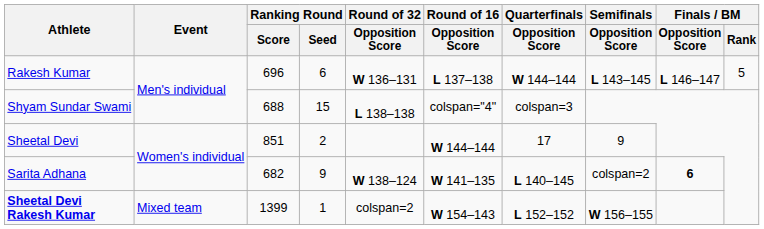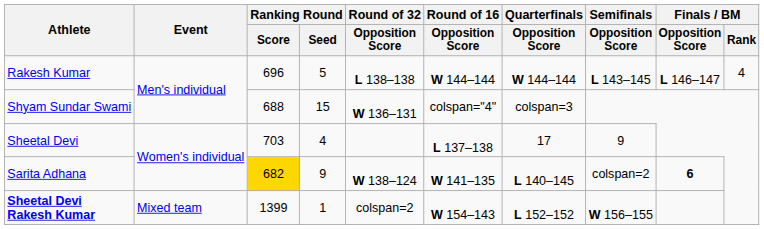 <table class="wikitable" style="text-align: center; font-size:90%">
 <tr>
 <th rowspan="2">Athlete</th>
 <th rowspan="2">Event</th>
 <th colspan="2">Ranking Round</th>
 <th>Round of 32</th>
 <th>Round of 16</th>
 <th>Quarterfinals</th>
 <th>Semifinals</th>
 <th colspan="2">Finals / BM</th>
 </tr>
 <tr style="font-size:95%">
 <th>Score</th>
 <th>Seed</th>
 <th>Opposition<br>Score</th>
 <th>Opposition<br>Score</th>
 <th>Opposition<br>Score</th>
 <th>Opposition<br>Score</th>
 <th>Opposition<br>Score</th>
 <th>Rank</th>
 </tr>
 <tr>
 <td align=left><a href='#'>Rakesh Kumar</a></td>
 <td align=left rowspan=2><a href='#'>Men's individual</a></td>
 <td>696</td>
-<td>6</td>
-<td> <br> <strong>W</strong> 136–131</td>
-<td><br> <strong>L</strong> 137–138</td>
+<td>5</td>
+<td> <br> <strong>L</strong> 138–138 </td>
+<td> <br> <strong>W</strong> 144–144 </td>
 <td> <br> <strong>W</strong> 144–144 </td>
 <td> <br> <strong>L</strong> 143–145</td>
 <td> <br> <strong>L</strong> 146–147</td>
-<td>5</td>
+<td>4</td>
 </tr>
 <tr>
 <td align=left><a href='#'>Shyam Sundar Swami</a></td>
 <td>688</td>
 <td>15</td>
-<td> <br> <strong>L</strong> 138–138 </td>
+<td> <br> <strong>W</strong> 136–131</td>
 <td>colspan="4" </td>
 <td>colspan=3 </td>
 </tr>
 <tr>
 <td align=left><a href='#'>Sheetal Devi</a></td>
 <td align=left rowspan=2><a href='#'>Women's individual</a></td>
-<td>851</td>
-<td>2</td>
+<td>703</td>
+<td>4</td>
 <td></td>
-<td> <br> <strong>W</strong> 144–144 </td>
+<td><br> <strong>L</strong> 137–138</td>
 <td>17</td>
 <td>9</td>
 </tr>
 <tr>
 <td align=left><a href='#'>Sarita Adhana</a></td>
-<td>682</td>
+<td style="background: gold;">682</td>
 <td>9</td>
 <td><br><strong>W</strong> 138–124</td>
 <td><br><strong>W</strong> 141–135</td>
 <td><br><strong>L</strong> 140–145</td>
 <td>colspan=2 </td>
 <td><strong>6</strong></td>
 </tr>
 <tr>
 <td align=left><strong><a href='#'>Sheetal Devi</a> <br> <a href='#'>Rakesh Kumar</a></strong></td>
 <td align=left><a href='#'>Mixed team</a></td>
 <td>1399 <strong></strong></td>
 <td>1</td>
 <td>colspan=2 </td>
 <td><br><strong>W</strong> 154–143</td>
 <td><br> <strong>L</strong> 152–152 </td>
 <td><br><strong>W</strong> 156–155</td>
 <td></td>
 </tr>
 </table>
